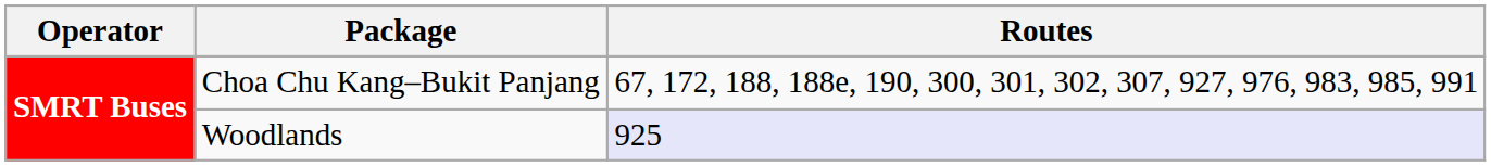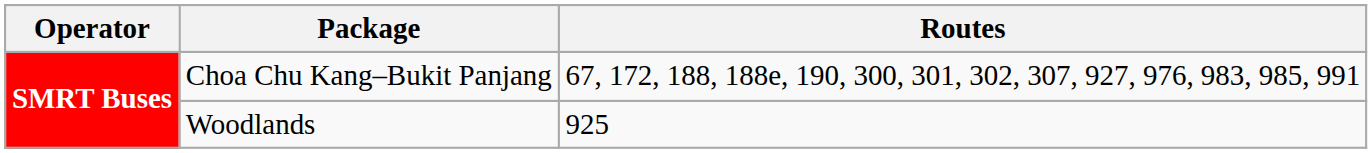 <table class="wikitable" style="font-size:85%; text-align: left">
 <tr>
 <th>Operator</th>
 <th>Package</th>
 <th>Routes</th>
 </tr>
 <tr>
 <td rowspan=2 style="background-color:#FF0000; color: white"><strong>SMRT Buses</strong></td>
 <td>Choa Chu Kang–Bukit Panjang</td>
 <td>67, 172, 188, 188e, 190, 300, 301, 302, 307, 927, 976, 983, 985, 991</td>
 </tr>
 <tr>
 <td>Woodlands</td>
-<td style="background: lavender;">925</td>
+<td>925</td>
 </tr>
 </table>
